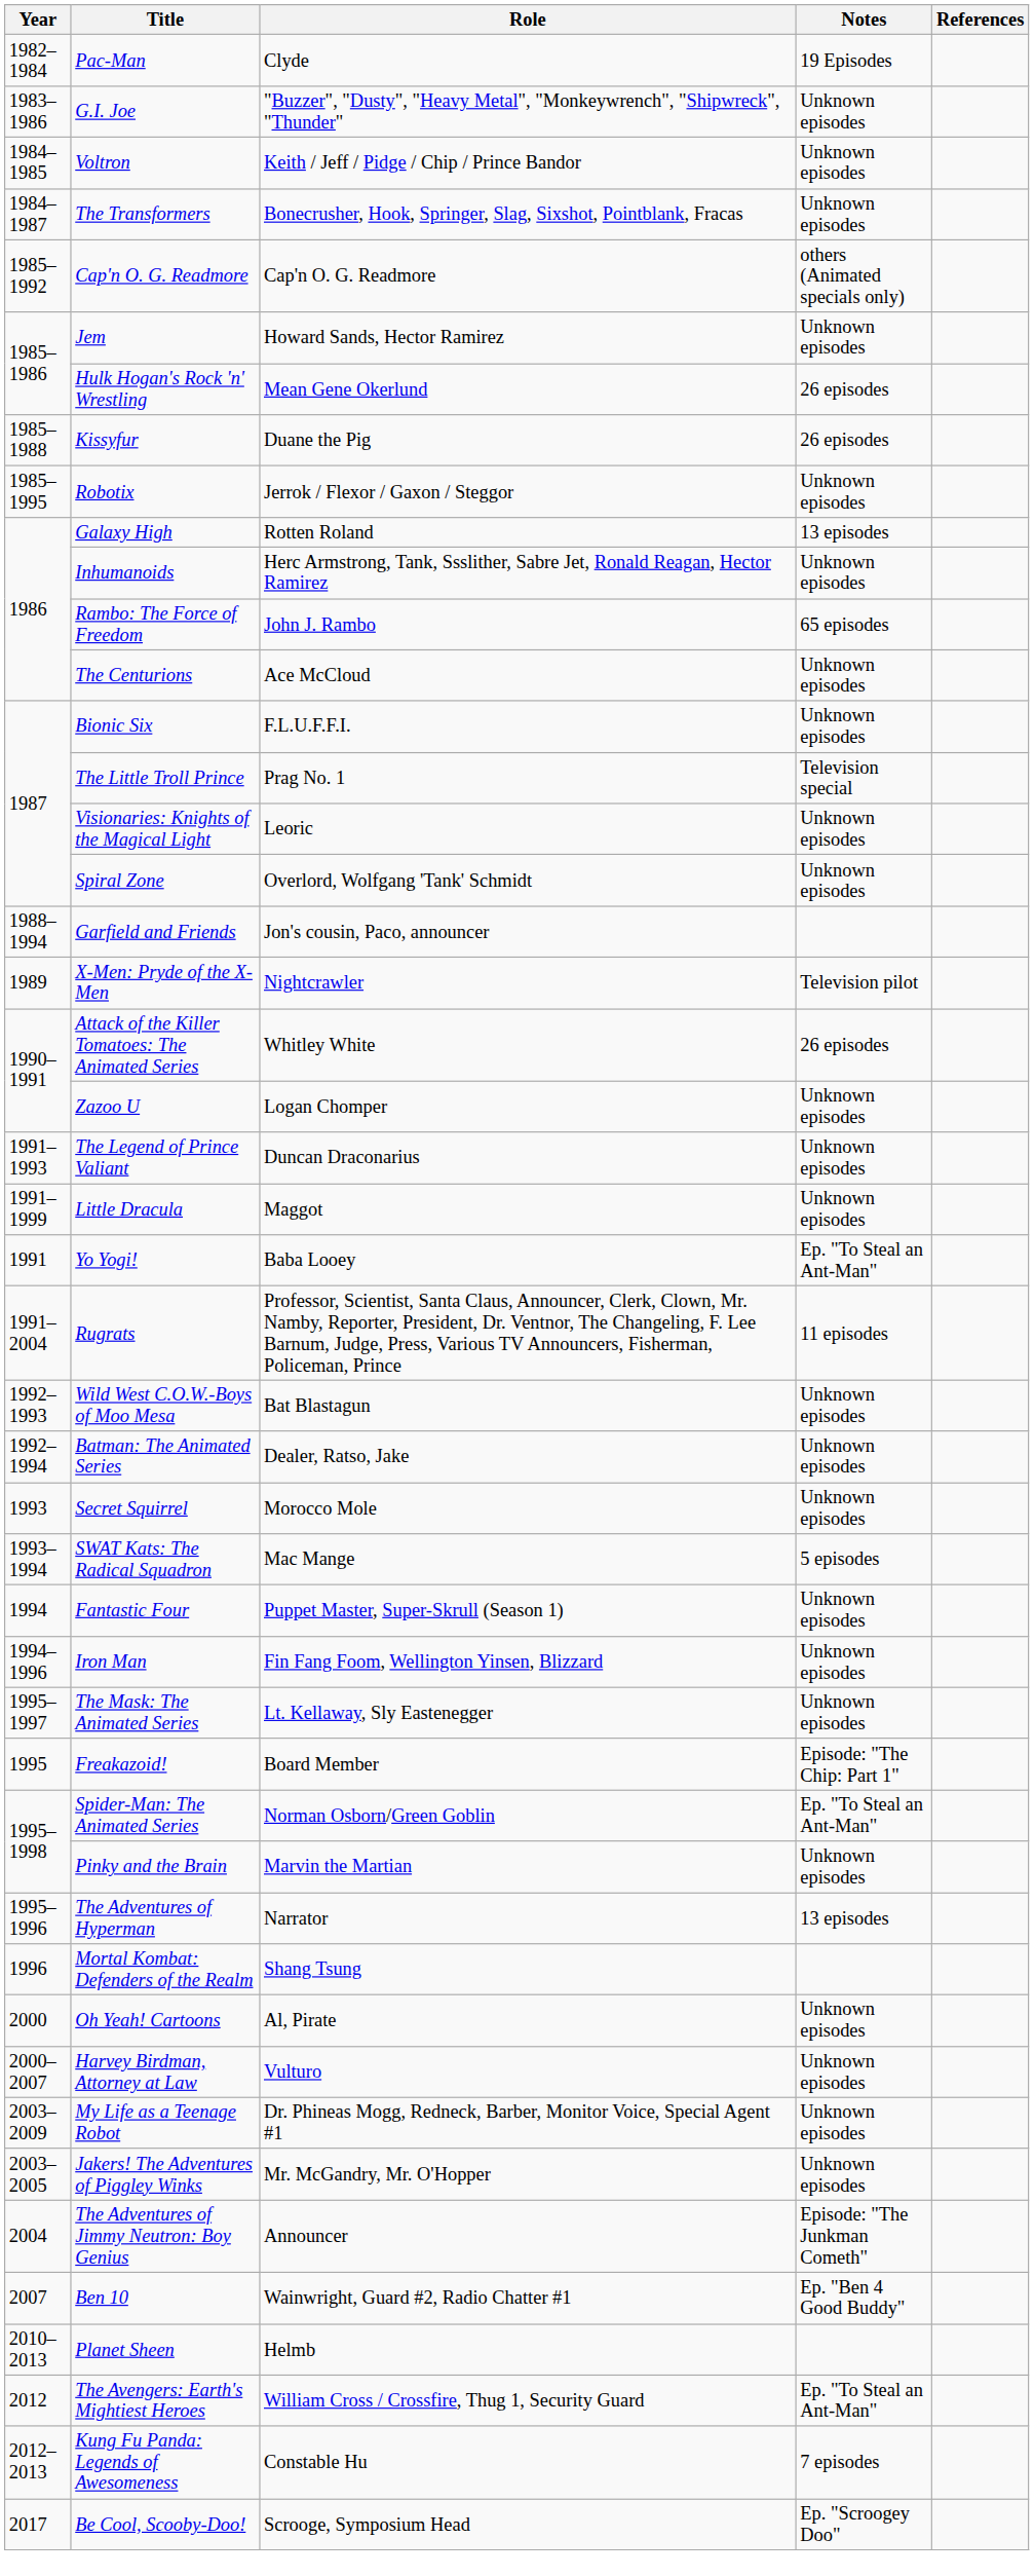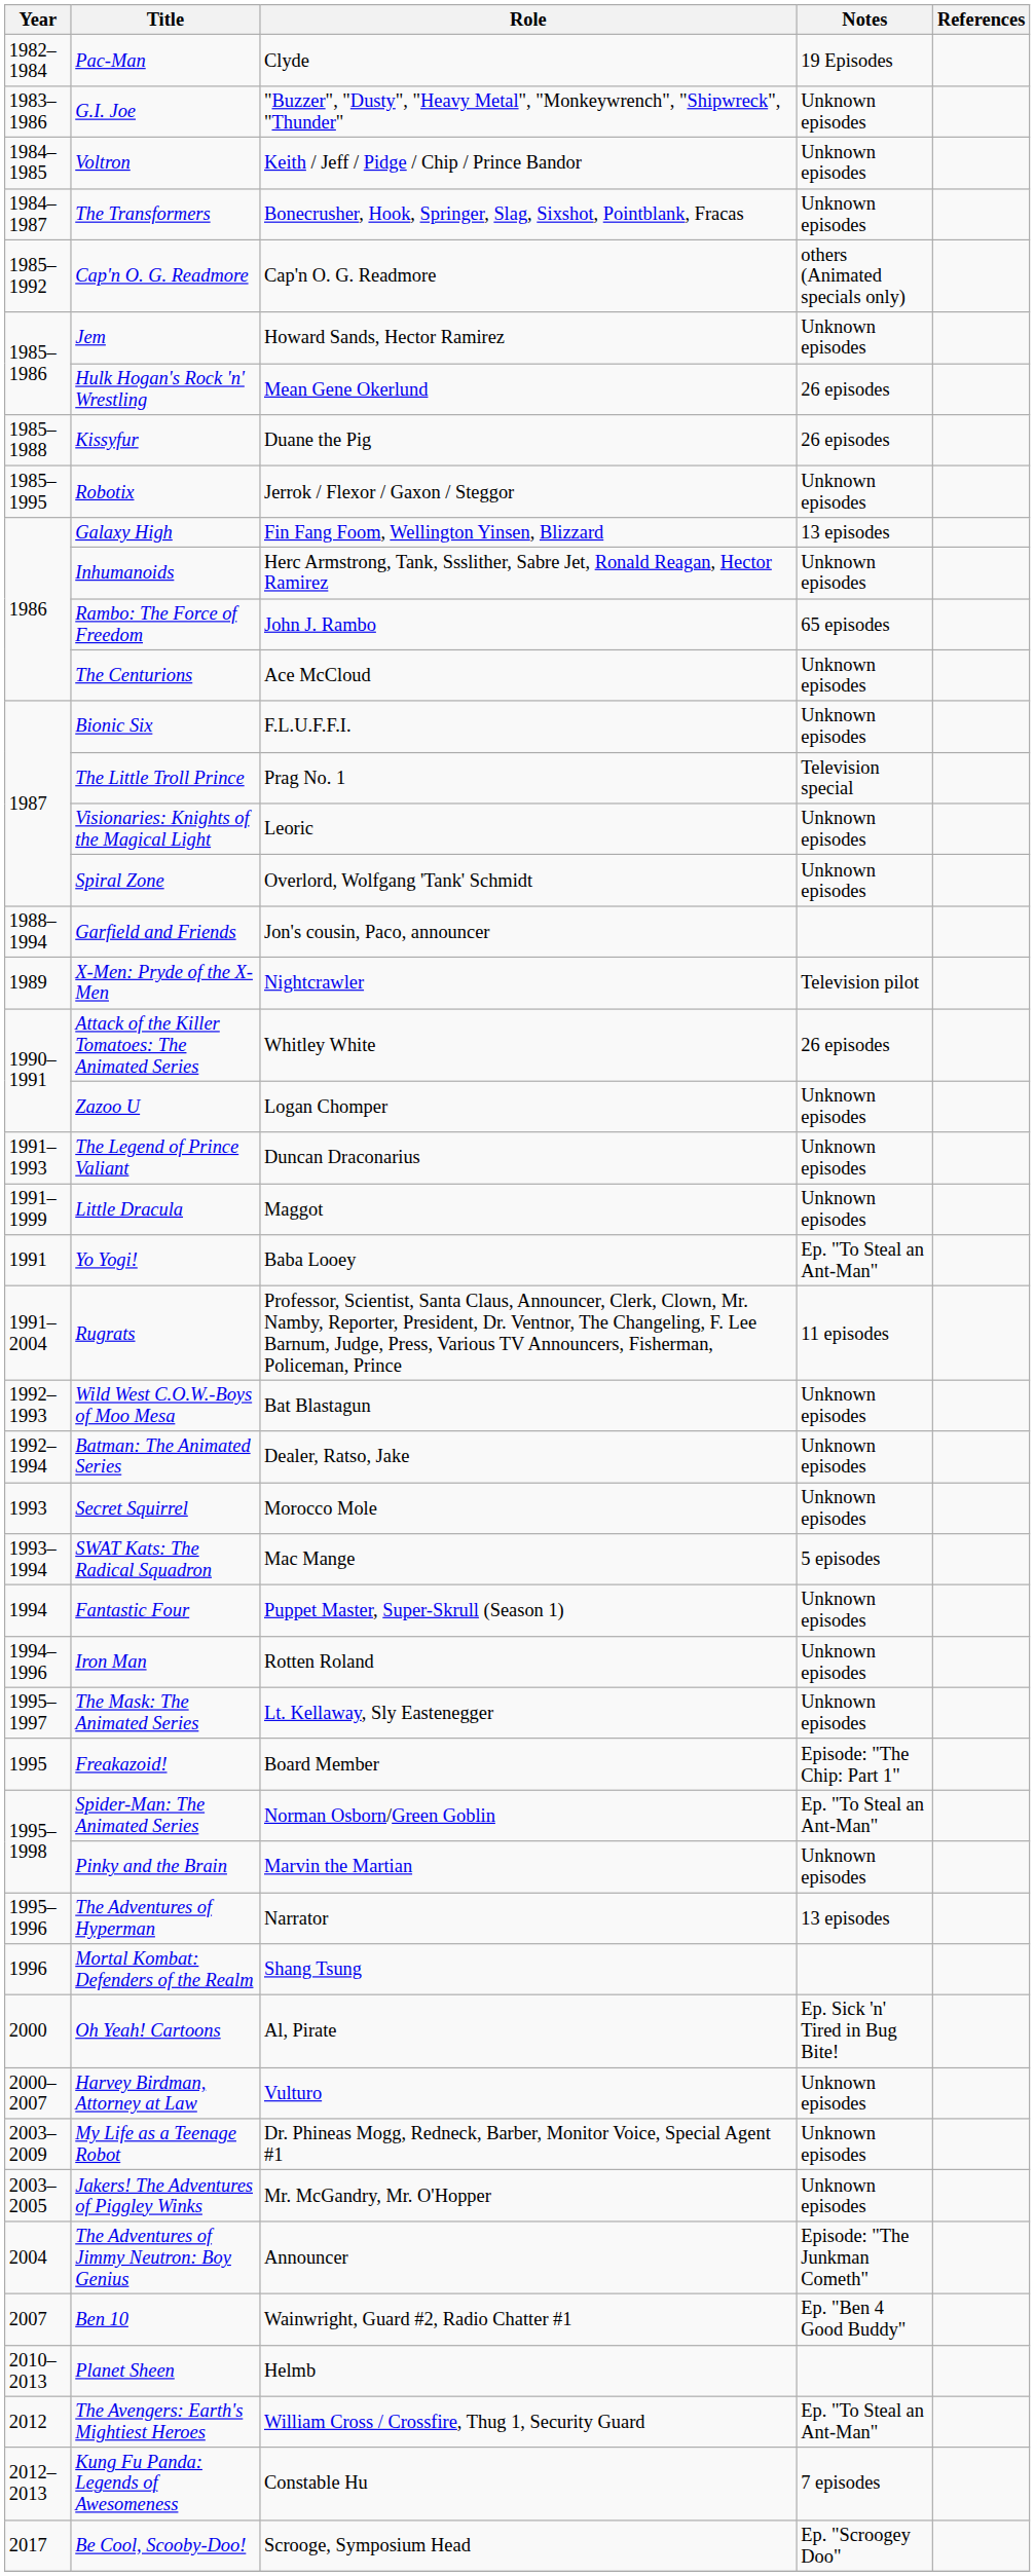 <table class="wikitable">
 <tr>
 <th>Year</th>
 <th>Title</th>
 <th>Role</th>
 <th>Notes</th>
 <th>References</th>
 </tr>
 <tr>
 <td>1982–1984</td>
 <td><em><a href='#'>Pac-Man</a></em></td>
 <td>Clyde</td>
 <td>19 Episodes</td>
 <td></td>
 </tr>
 <tr>
 <td>1983–1986</td>
 <td><em><a href='#'>G.I. Joe</a></em></td>
 <td>"<a href='#'>Buzzer</a>", "<a href='#'>Dusty</a>", "<a href='#'>Heavy Metal</a>", "Monkeywrench", "<a href='#'>Shipwreck</a>", "<a href='#'>Thunder</a>"</td>
 <td>Unknown episodes</td>
 <td></td>
 </tr>
 <tr>
 <td>1984–1985</td>
 <td><em><a href='#'>Voltron</a></em></td>
 <td><a href='#'>Keith</a> / Jeff / <a href='#'>Pidge</a> / Chip / Prince Bandor</td>
 <td>Unknown episodes</td>
 <td></td>
 </tr>
 <tr>
 <td>1984–1987</td>
 <td><em><a href='#'>The Transformers</a></em></td>
 <td><a href='#'>Bonecrusher</a>, <a href='#'>Hook</a>, <a href='#'>Springer</a>, <a href='#'>Slag</a>, <a href='#'>Sixshot</a>, <a href='#'>Pointblank</a>, Fracas</td>
 <td>Unknown episodes</td>
 <td></td>
 </tr>
 <tr>
 <td>1985–1992</td>
 <td><em><a href='#'>Cap'n O. G. Readmore</a></em></td>
 <td>Cap'n O. G. Readmore</td>
 <td>others (Animated specials only)</td>
 <td></td>
 </tr>
 <tr>
 <td rowspan="2">1985–1986</td>
 <td><em><a href='#'>Jem</a></em></td>
 <td>Howard Sands, Hector Ramirez</td>
 <td>Unknown episodes</td>
 <td></td>
 </tr>
 <tr>
 <td><em><a href='#'>Hulk Hogan's Rock 'n' Wrestling</a></em></td>
 <td><a href='#'>Mean Gene Okerlund</a></td>
 <td>26 episodes</td>
 <td></td>
 </tr>
 <tr>
 <td>1985–1988</td>
 <td><em><a href='#'>Kissyfur</a></em></td>
 <td>Duane the Pig</td>
 <td>26 episodes</td>
 <td></td>
 </tr>
 <tr>
 <td>1985–1995</td>
 <td><em><a href='#'>Robotix</a></em></td>
 <td>Jerrok / Flexor / Gaxon / Steggor</td>
 <td>Unknown episodes</td>
 <td></td>
 </tr>
 <tr>
 <td rowspan="4">1986</td>
 <td><em><a href='#'>Galaxy High</a></em></td>
-<td>Rotten Roland</td>
+<td><a href='#'>Fin Fang Foom</a>, <a href='#'>Wellington Yinsen</a>, <a href='#'>Blizzard</a></td>
 <td>13 episodes</td>
 <td></td>
 </tr>
 <tr>
 <td><em><a href='#'>Inhumanoids</a></em></td>
 <td>Herc Armstrong, Tank, Ssslither, Sabre Jet, <a href='#'>Ronald Reagan</a>, <a href='#'>Hector Ramirez</a></td>
 <td>Unknown episodes</td>
 <td></td>
 </tr>
 <tr>
 <td><em><a href='#'>Rambo: The Force of Freedom</a></em></td>
 <td><a href='#'>John J. Rambo</a></td>
 <td>65 episodes</td>
 <td></td>
 </tr>
 <tr>
 <td><em><a href='#'>The Centurions</a></em></td>
 <td>Ace McCloud</td>
 <td>Unknown episodes</td>
 <td></td>
 </tr>
 <tr>
 <td rowspan="4">1987</td>
 <td><em><a href='#'>Bionic Six</a></em></td>
 <td>F.L.U.F.F.I.</td>
 <td>Unknown episodes</td>
 <td></td>
 </tr>
 <tr>
 <td><em><a href='#'>The Little Troll Prince</a></em></td>
 <td>Prag No. 1</td>
 <td>Television special</td>
 <td></td>
 </tr>
 <tr>
 <td><em><a href='#'>Visionaries: Knights of the Magical Light</a></em></td>
 <td>Leoric</td>
 <td>Unknown episodes</td>
 <td></td>
 </tr>
 <tr>
 <td><em><a href='#'>Spiral Zone</a></em></td>
 <td>Overlord, Wolfgang 'Tank' Schmidt</td>
 <td>Unknown episodes</td>
 <td></td>
 </tr>
 <tr>
 <td>1988–1994</td>
 <td><em><a href='#'>Garfield and Friends</a></em></td>
 <td>Jon's cousin, Paco, announcer</td>
 <td></td>
 <td></td>
 </tr>
 <tr>
 <td>1989</td>
 <td><em><a href='#'>X-Men: Pryde of the X-Men</a></em></td>
 <td><a href='#'>Nightcrawler</a></td>
 <td>Television pilot</td>
 <td></td>
 </tr>
 <tr>
 <td rowspan="2">1990–1991</td>
 <td><em><a href='#'>Attack of the Killer Tomatoes: The Animated Series</a></em></td>
 <td>Whitley White</td>
 <td>26 episodes</td>
 <td></td>
 </tr>
 <tr>
 <td><em><a href='#'>Zazoo U</a></em></td>
 <td>Logan Chomper</td>
 <td>Unknown episodes</td>
 <td></td>
 </tr>
 <tr>
 <td>1991–1993</td>
 <td><em><a href='#'>The Legend of Prince Valiant</a></em></td>
 <td>Duncan Draconarius</td>
 <td>Unknown episodes</td>
 <td></td>
 </tr>
 <tr>
 <td>1991–1999</td>
 <td><em><a href='#'>Little Dracula</a></em></td>
 <td>Maggot</td>
 <td>Unknown episodes</td>
 <td></td>
 </tr>
 <tr>
 <td>1991</td>
 <td><em><a href='#'>Yo Yogi!</a></em></td>
 <td>Baba Looey</td>
 <td>Ep. "To Steal an Ant-Man"</td>
 <td></td>
 </tr>
 <tr>
 <td>1991–2004</td>
 <td><em><a href='#'>Rugrats</a></em></td>
 <td>Professor, Scientist, Santa Claus, Announcer, Clerk, Clown, Mr. Namby, Reporter, President, Dr. Ventnor, The Changeling, F. Lee Barnum, Judge, Press, Various TV Announcers, Fisherman, Policeman, Prince</td>
 <td>11 episodes</td>
 <td></td>
 </tr>
 <tr>
 <td>1992–1993</td>
 <td><em><a href='#'>Wild West C.O.W.-Boys of Moo Mesa</a></em></td>
 <td>Bat Blastagun</td>
 <td>Unknown episodes</td>
 <td></td>
 </tr>
 <tr>
 <td>1992–1994</td>
 <td><em><a href='#'>Batman: The Animated Series</a></em></td>
 <td>Dealer, Ratso, Jake</td>
 <td>Unknown episodes</td>
 <td></td>
 </tr>
 <tr>
 <td>1993</td>
 <td><em><a href='#'>Secret Squirrel</a></em></td>
 <td>Morocco Mole</td>
 <td>Unknown episodes</td>
 <td></td>
 </tr>
 <tr>
 <td>1993–1994</td>
 <td><em><a href='#'>SWAT Kats: The Radical Squadron</a></em></td>
 <td>Mac Mange</td>
 <td>5 episodes</td>
 <td></td>
 </tr>
 <tr>
 <td>1994</td>
 <td><em><a href='#'>Fantastic Four</a></em></td>
 <td><a href='#'>Puppet Master</a>, <a href='#'>Super-Skrull</a> (Season 1)</td>
 <td>Unknown episodes</td>
 <td></td>
 </tr>
 <tr>
 <td>1994–1996</td>
 <td><em><a href='#'>Iron Man</a></em></td>
-<td><a href='#'>Fin Fang Foom</a>, <a href='#'>Wellington Yinsen</a>, <a href='#'>Blizzard</a></td>
+<td>Rotten Roland</td>
 <td>Unknown episodes</td>
 <td></td>
 </tr>
 <tr>
 <td>1995–1997</td>
 <td><em><a href='#'>The Mask: The Animated Series</a></em></td>
 <td><a href='#'>Lt. Kellaway</a>, Sly Eastenegger</td>
 <td>Unknown episodes</td>
 <td></td>
 </tr>
 <tr>
 <td>1995</td>
 <td><em><a href='#'>Freakazoid!</a></em></td>
 <td>Board Member</td>
 <td>Episode: "The Chip: Part 1"</td>
 <td></td>
 </tr>
 <tr>
 <td rowspan="2">1995–1998</td>
 <td><em><a href='#'>Spider-Man: The Animated Series</a></em></td>
 <td><a href='#'>Norman Osborn</a>/<a href='#'>Green Goblin</a></td>
 <td>Ep. "To Steal an Ant-Man"</td>
 <td></td>
 </tr>
 <tr>
 <td><em><a href='#'>Pinky and the Brain</a></em></td>
 <td><a href='#'>Marvin the Martian</a></td>
 <td>Unknown episodes</td>
 <td></td>
 </tr>
 <tr>
 <td>1995–1996</td>
 <td><em><a href='#'>The Adventures of Hyperman</a></em></td>
 <td>Narrator</td>
 <td>13 episodes</td>
 <td></td>
 </tr>
 <tr>
 <td>1996</td>
 <td><em><a href='#'>Mortal Kombat: Defenders of the Realm</a></em></td>
 <td><a href='#'>Shang Tsung</a></td>
 <td></td>
 <td></td>
 </tr>
 <tr>
 <td>2000</td>
 <td><em><a href='#'>Oh Yeah! Cartoons</a></em></td>
 <td>Al, Pirate</td>
-<td>Unknown episodes</td>
+<td>Ep. Sick 'n' Tired in Bug Bite!</td>
 <td></td>
 </tr>
 <tr>
 <td>2000–2007</td>
 <td><em><a href='#'>Harvey Birdman, Attorney at Law</a></em></td>
 <td><a href='#'>Vulturo</a></td>
 <td>Unknown episodes</td>
 <td></td>
 </tr>
 <tr>
 <td>2003–2009</td>
 <td><em><a href='#'>My Life as a Teenage Robot</a></em></td>
 <td>Dr. Phineas Mogg, Redneck, Barber, Monitor Voice, Special Agent #1</td>
 <td>Unknown episodes</td>
 <td></td>
 </tr>
 <tr>
 <td>2003–2005</td>
 <td><em><a href='#'>Jakers! The Adventures of Piggley Winks</a></em></td>
 <td>Mr. McGandry, Mr. O'Hopper</td>
 <td>Unknown episodes</td>
 <td></td>
 </tr>
 <tr>
 <td>2004</td>
 <td><em><a href='#'>The Adventures of Jimmy Neutron: Boy Genius</a></em></td>
 <td>Announcer</td>
 <td>Episode: "The Junkman Cometh"</td>
 <td></td>
 </tr>
 <tr>
 <td>2007</td>
 <td><em><a href='#'>Ben 10</a></em></td>
 <td>Wainwright, Guard #2, Radio Chatter #1</td>
 <td>Ep. "Ben 4 Good Buddy"</td>
 <td></td>
 </tr>
 <tr>
 <td>2010–2013</td>
 <td><em><a href='#'>Planet Sheen</a></em></td>
 <td>Helmb</td>
 <td></td>
 <td></td>
 </tr>
 <tr>
 <td>2012</td>
 <td><em><a href='#'>The Avengers: Earth's Mightiest Heroes</a></em></td>
 <td><a href='#'>William Cross / Crossfire</a>, Thug 1, Security Guard</td>
 <td>Ep. "To Steal an Ant-Man"</td>
 <td></td>
 </tr>
 <tr>
 <td>2012–2013</td>
 <td><em><a href='#'>Kung Fu Panda: Legends of Awesomeness</a></em></td>
 <td>Constable Hu</td>
 <td>7 episodes</td>
 <td></td>
 </tr>
 <tr>
 <td>2017</td>
 <td><em><a href='#'>Be Cool, Scooby-Doo!</a></em></td>
 <td>Scrooge, Symposium Head</td>
 <td>Ep. "Scroogey Doo"</td>
 <td></td>
 </tr>
 <tr>
 </tr>
 </table>
